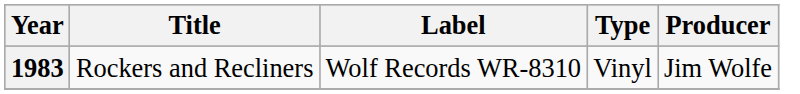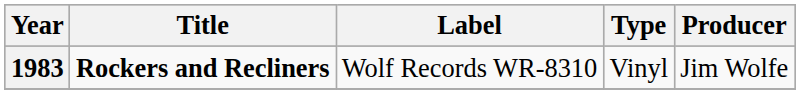 <table class="wikitable sortable">
 <tr>
 <th scope="col">Year</th>
 <th scope="col">Title</th>
 <th scope="col">Label</th>
 <th scope="col">Type</th>
 <th scope="col">Producer</th>
 </tr>
 <tr>
 <th scope="row">1983</th>
-<td>Rockers and Recliners</td>
+<td><strong>Rockers and Recliners</strong></td>
 <td>Wolf Records WR-8310</td>
 <td>Vinyl</td>
 <td>Jim Wolfe</td>
 </tr>
 <tr>
 </tr>
 </table>
